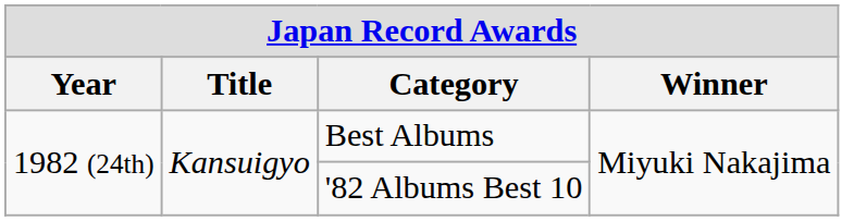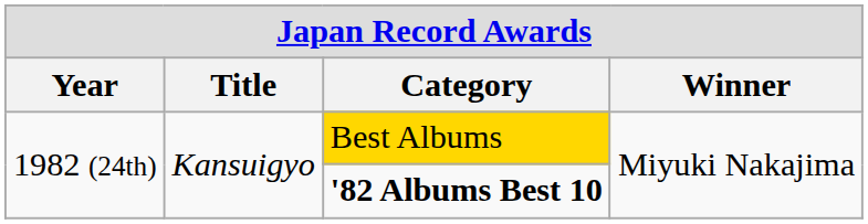 <table class="wikitable">
 <tr>
 <td colspan="4"  style="background:#ddd; text-align:center;"><strong><a href='#'>Japan Record Awards</a></strong></td>
 </tr>
 <tr>
 <th style="text-align:center;">Year</th>
 <th style="text-align:center;">Title</th>
 <th style="text-align:center;">Category</th>
 <th style="text-align:center;">Winner</th>
 </tr>
 <tr>
 <td rowspan=2>1982 <small>(24th)</small></td>
 <td rowspan=2><em>Kansuigyo</em></td>
-<td align="left">Best Albums</td>
+<td align="left" style="background: gold;">Best Albums</td>
 <td rowspan=2>Miyuki Nakajima</td>
 </tr>
 <tr>
-<td align="left">'82 Albums Best 10</td>
+<td align="left"><strong>'82 Albums Best 10</strong></td>
 </tr>
 </table>
